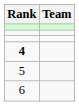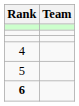 <table class="wikitable">
 <tr>
 <th>Rank</th>
 <th>Team</th>
 </tr>
 <tr bgcolor=ccffcc>
 <td align=center></td>
 <td></td>
 </tr>
 <tr>
 <td align=center></td>
 <td></td>
 </tr>
 <tr>
 <td align=center></td>
 <td></td>
 </tr>
 <tr>
-<td align=center><strong>4</strong></td>
+<td align=center>4</td>
 <td></td>
 </tr>
 <tr>
 <td align=center>5</td>
 <td></td>
 </tr>
 <tr>
-<td align=center>6</td>
+<td align=center><strong>6</strong></td>
 <td></td>
 </tr>
 </table>
